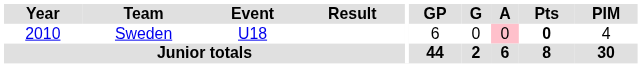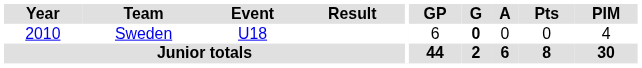 <table border="0" cellpadding="1" cellspacing="0" ID="Table3" style="text-align:center; width:40em">
 <tr bgcolor="#e0e0e0">
 <th>Year</th>
 <th>Team</th>
 <th>Event</th>
 <th>Result</th>
 <th rowspan="99" bgcolor="#ffffff"></th>
 <th>GP</th>
 <th>G</th>
 <th>A</th>
 <th>Pts</th>
 <th>PIM</th>
 </tr>
 <tr>
 <td><a href='#'>2010</a></td>
 <td><a href='#'>Sweden</a></td>
 <td><a href='#'>U18</a></td>
 <td></td>
 <td>6</td>
+<td><strong>0</strong></td>
 <td>0</td>
-<td style="background: pink;">0</td>
-<td><strong>0</strong></td>
+<td>0</td>
 <td>4</td>
 </tr>
 <tr bgcolor="#e0e0e0">
 <th colspan="4">Junior totals</th>
 <th>44</th>
 <th>2</th>
 <th>6</th>
 <th>8</th>
 <th>30</th>
 </tr>
 </table>
